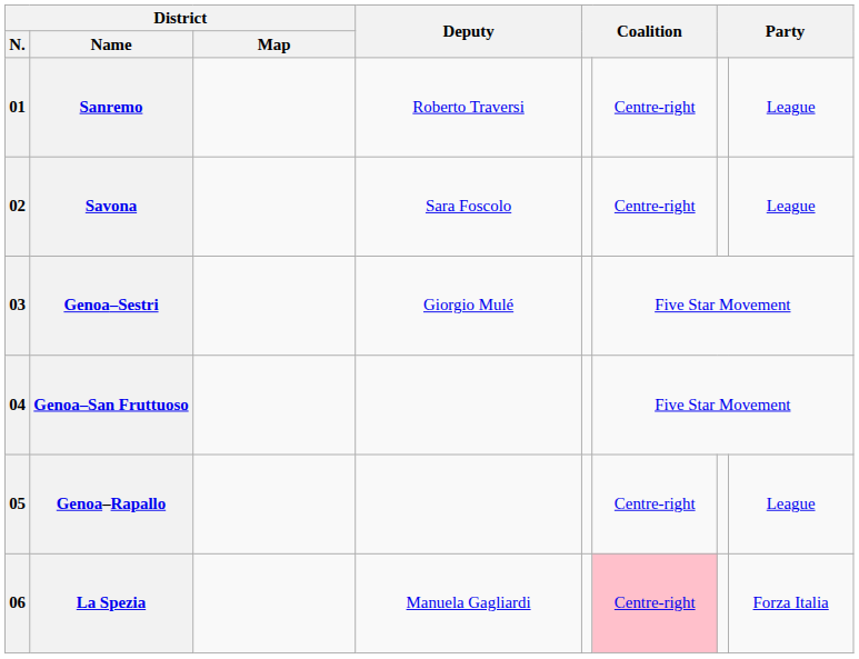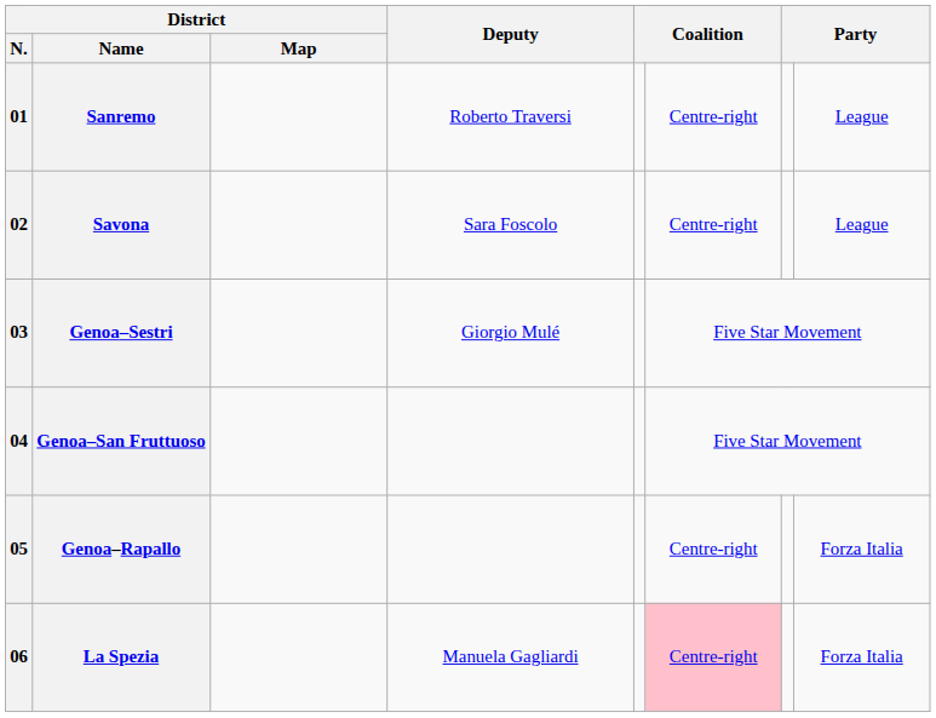 <table class="wikitable" style="text-align:center; style="width=65%">
 <tr>
 <th width=35% colspan="3">District</th>
 <th width=25% rowspan="2">Deputy</th>
 <th width=15% colspan="2" rowspan="2">Coalition</th>
 <th width=15% colspan="2" rowspan="2">Party</th>
 </tr>
 <tr>
 <th width=1%>N.</th>
 <th width=18%>Name</th>
 <th width=18%>Map</th>
 </tr>
 <tr style="height:6em;">
 <th>01</th>
 <th><a href='#'>Sanremo</a></th>
 <td></td>
 <td><a href='#'>Roberto Traversi</a></td>
 <td style="background:"></td>
 <td><a href='#'>Centre-right</a></td>
 <td style="background:"></td>
 <td><a href='#'>League</a></td>
 </tr>
 <tr style="height:6em;">
 <th>02</th>
 <th><a href='#'>Savona</a></th>
 <td></td>
 <td><a href='#'>Sara Foscolo</a></td>
 <td style="background:"></td>
 <td><a href='#'>Centre-right</a></td>
 <td style="background:"></td>
 <td><a href='#'>League</a></td>
 </tr>
 <tr style="height:6em;">
 <th>03</th>
 <th><a href='#'>Genoa</a><a href='#'>–Sestri</a></th>
 <td></td>
 <td><a href='#'>Giorgio Mulé</a></td>
 <td style="background:"></td>
 <td colspan=3><a href='#'>Five Star Movement</a></td>
 </tr>
 <tr style="height:6em;">
 <th>04</th>
 <th><a href='#'>Genoa–San Fruttuoso</a></th>
 <td></td>
 <td></td>
 <td style="background:"></td>
 <td colspan=3><a href='#'>Five Star Movement</a></td>
 </tr>
 <tr style="height:6em;">
 <th>05</th>
 <th><a href='#'>Genoa</a>–<a href='#'>Rapallo</a></th>
 <td></td>
 <td></td>
 <td style="background:"></td>
 <td><a href='#'>Centre-right</a></td>
 <td style="background:"></td>
-<td><a href='#'>League</a></td>
+<td><a href='#'>Forza Italia</a></td>
 </tr>
 <tr style="height:6em;">
 <th>06</th>
 <th><a href='#'>La Spezia</a></th>
 <td></td>
 <td><a href='#'>Manuela Gagliardi</a></td>
 <td style="background:"></td>
 <td style="background: pink;"><a href='#'>Centre-right</a></td>
 <td style="background:"></td>
 <td><a href='#'>Forza Italia</a></td>
 </tr>
 </table>
